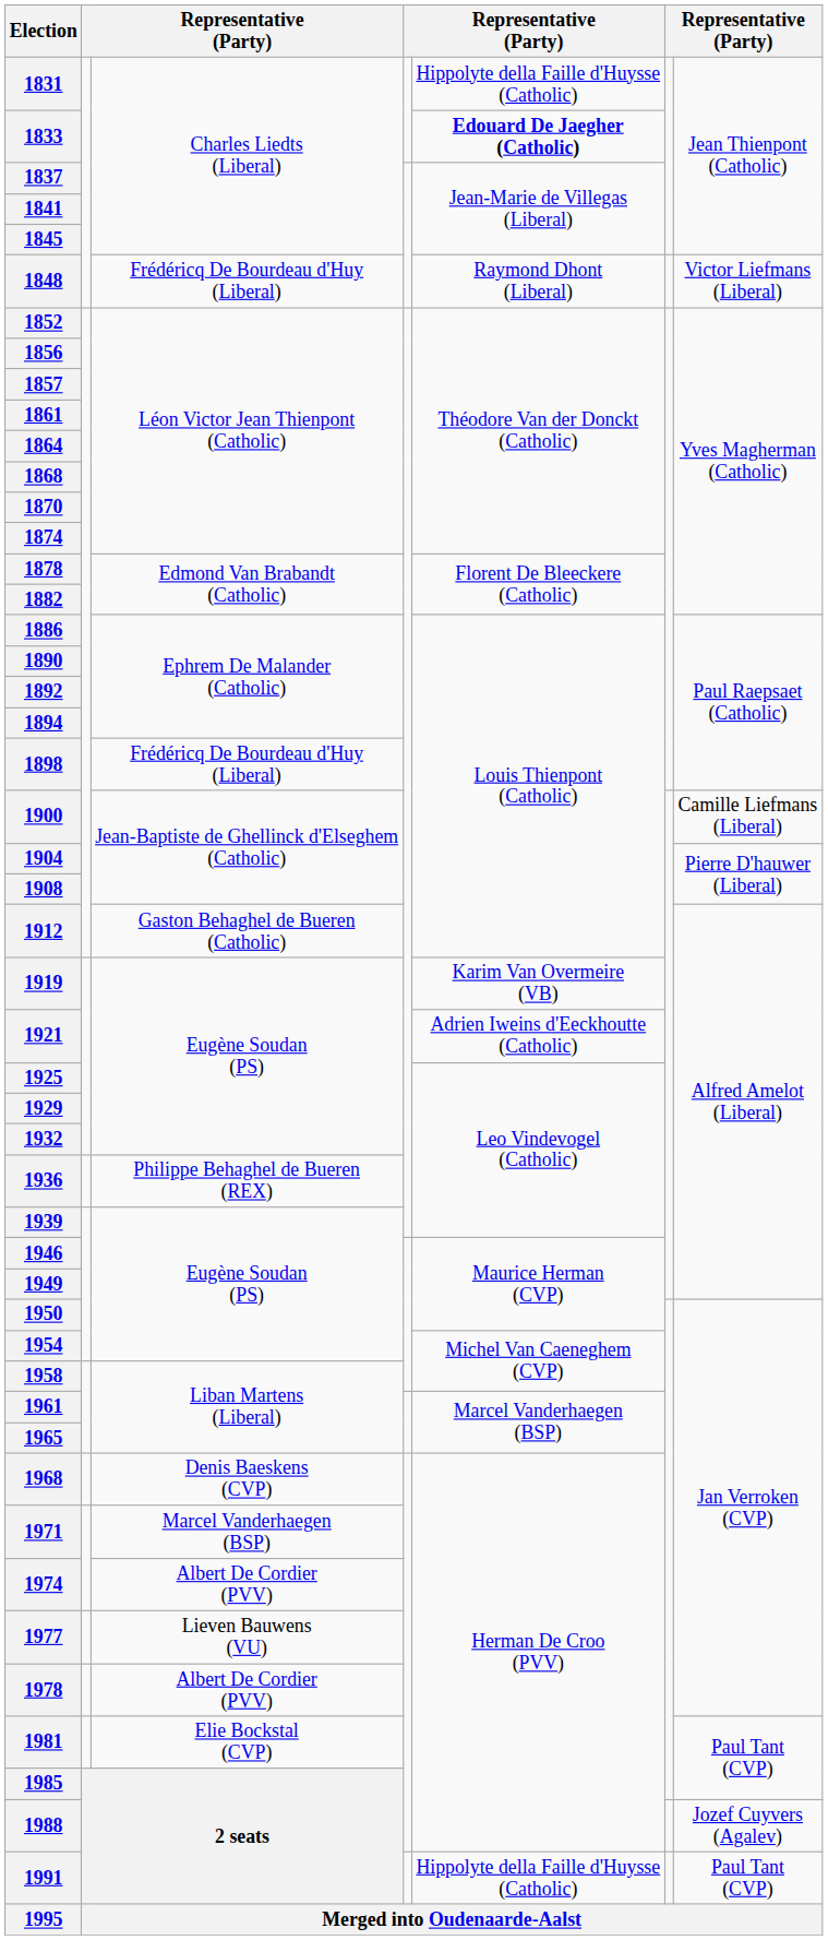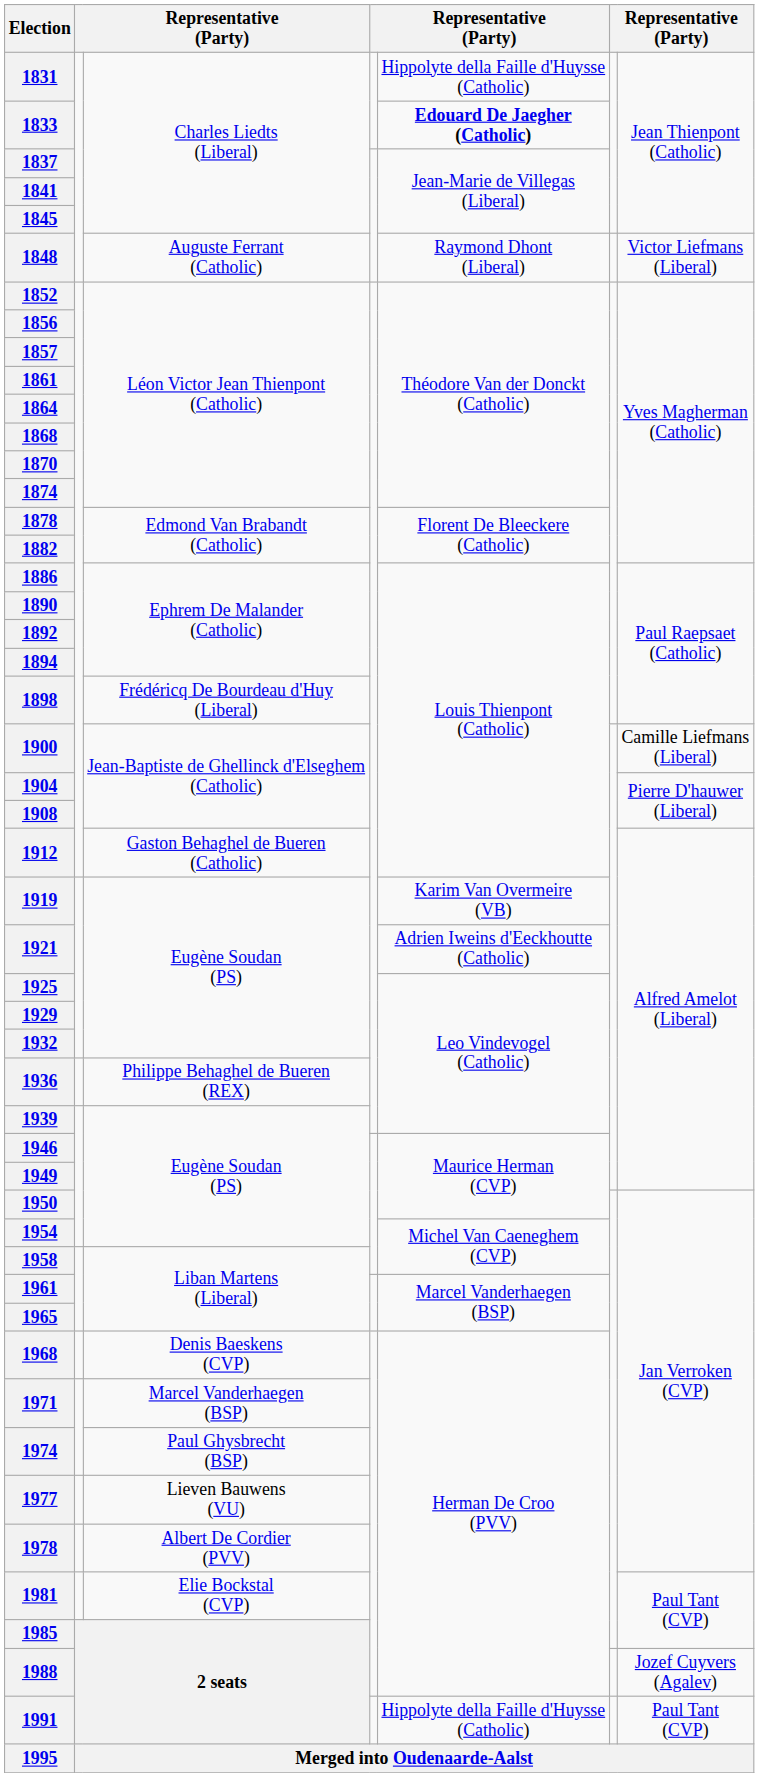 <table class="wikitable" style="text-align:center">
 <tr>
 <th>Election</th>
 <th colspan=2>Representative<br>(Party)</th>
 <th colspan=2>Representative<br>(Party)</th>
 <th colspan=2>Representative<br>(Party)</th>
 </tr>
 <tr>
 <th><a href='#'>1831</a></th>
 <td rowspan=6; style="background-color: "></td>
 <td rowspan=5><a href='#'>Charles Liedts</a><br>(<a href='#'>Liberal</a>)</td>
 <td rowspan=2; style="background-color: "></td>
 <td rowspan=1><a href='#'>Hippolyte della Faille d'Huysse</a><br>(<a href='#'>Catholic</a>)</td>
 <td rowspan=5; style="background-color: "></td>
 <td rowspan=5><a href='#'>Jean Thienpont</a><br>(<a href='#'>Catholic</a>)</td>
 </tr>
 <tr>
 <th><a href='#'>1833</a></th>
 <td rowspan=1><strong><a href='#'>Edouard De Jaegher</a><br>(<a href='#'>Catholic</a>)</strong></td>
 </tr>
 <tr>
 <th><a href='#'>1837</a></th>
 <td rowspan=4; style="background-color: "></td>
 <td rowspan=3><a href='#'>Jean-Marie de Villegas</a><br>(<a href='#'>Liberal</a>)</td>
 </tr>
 <tr>
 <th><a href='#'>1841</a></th>
 </tr>
 <tr>
 <th><a href='#'>1845</a></th>
 </tr>
 <tr>
 <th><a href='#'>1848</a></th>
-<td rowspan=1><a href='#'>Frédéricq De Bourdeau d'Huy</a><br>(<a href='#'>Liberal</a>)</td>
+<td rowspan=1><a href='#'>Auguste Ferrant</a><br>(<a href='#'>Catholic</a>)</td>
 <td rowspan=1><a href='#'>Raymond Dhont</a><br>(<a href='#'>Liberal</a>)</td>
 <td rowspan=1; style="background-color: "></td>
 <td rowspan=1><a href='#'>Victor Liefmans</a><br>(<a href='#'>Liberal</a>)</td>
 </tr>
 <tr>
 <th><a href='#'>1852</a></th>
 <td rowspan=19; style="background-color: "></td>
 <td rowspan=8><a href='#'>Léon Victor Jean Thienpont</a><br>(<a href='#'>Catholic</a>)</td>
 <td rowspan=26; style="background-color: "></td>
 <td rowspan=8><a href='#'>Théodore Van der Donckt</a><br>(<a href='#'>Catholic</a>)</td>
 <td rowspan=15; style="background-color: "></td>
 <td rowspan=10><a href='#'>Yves Magherman</a><br>(<a href='#'>Catholic</a>)</td>
 </tr>
 <tr>
 <th><a href='#'>1856</a></th>
 </tr>
 <tr>
 <th><a href='#'>1857</a></th>
 </tr>
 <tr>
 <th><a href='#'>1861</a></th>
 </tr>
 <tr>
 <th><a href='#'>1864</a></th>
 </tr>
 <tr>
 <th><a href='#'>1868</a></th>
 </tr>
 <tr>
 <th><a href='#'>1870</a></th>
 </tr>
 <tr>
 <th><a href='#'>1874</a></th>
 </tr>
 <tr>
 <th><a href='#'>1878</a></th>
 <td rowspan=2><a href='#'>Edmond Van Brabandt</a><br>(<a href='#'>Catholic</a>)</td>
 <td rowspan=2><a href='#'>Florent De Bleeckere</a><br>(<a href='#'>Catholic</a>)</td>
 </tr>
 <tr>
 <th><a href='#'>1882</a></th>
 </tr>
 <tr>
 <th><a href='#'>1886</a></th>
 <td rowspan=4><a href='#'>Ephrem De Malander</a><br>(<a href='#'>Catholic</a>)</td>
 <td rowspan=9><a href='#'>Louis Thienpont</a><br>(<a href='#'>Catholic</a>)</td>
 <td rowspan=5><a href='#'>Paul Raepsaet</a><br>(<a href='#'>Catholic</a>)</td>
 </tr>
 <tr>
 <th><a href='#'>1890</a></th>
 </tr>
 <tr>
 <th><a href='#'>1892</a></th>
 </tr>
 <tr>
 <th><a href='#'>1894</a></th>
 </tr>
 <tr>
 <th><a href='#'>1898</a></th>
 <td rowspan=1><a href='#'>Frédéricq De Bourdeau d'Huy</a><br>(<a href='#'>Liberal</a>)</td>
 </tr>
 <tr>
 <th><a href='#'>1900</a></th>
 <td rowspan=3><a href='#'>Jean-Baptiste de Ghellinck d'Elseghem</a><br>(<a href='#'>Catholic</a>)</td>
 <td rowspan=13; style="background-color: "></td>
 <td>Camille Liefmans<br>(<a href='#'>Liberal</a>)</td>
 </tr>
 <tr>
 <th><a href='#'>1904</a></th>
 <td rowspan=2><a href='#'>Pierre D'hauwer</a><br>(<a href='#'>Liberal</a>)</td>
 </tr>
 <tr>
 <th><a href='#'>1908</a></th>
 </tr>
 <tr>
 <th><a href='#'>1912</a></th>
 <td rowspan=1><a href='#'>Gaston Behaghel de Bueren</a><br>(<a href='#'>Catholic</a>)</td>
 <td rowspan=10><a href='#'>Alfred Amelot</a><br>(<a href='#'>Liberal</a>)</td>
 </tr>
 <tr>
 <th><a href='#'>1919</a></th>
 <td rowspan=5; style="background-color: "></td>
 <td rowspan=5><a href='#'>Eugène Soudan</a><br>(<a href='#'>PS</a>)</td>
 <td rowspan=1><a href='#'>Karim Van Overmeire</a><br>(<a href='#'>VB</a>)</td>
 </tr>
 <tr>
 <th><a href='#'>1921</a></th>
 <td rowspan=1><a href='#'>Adrien Iweins d'Eeckhoutte</a><br>(<a href='#'>Catholic</a>)</td>
 </tr>
 <tr>
 <th><a href='#'>1925</a></th>
 <td rowspan=5><a href='#'>Leo Vindevogel</a><br>(<a href='#'>Catholic</a>)</td>
 </tr>
 <tr>
 <th><a href='#'>1929</a></th>
 </tr>
 <tr>
 <th><a href='#'>1932</a></th>
 </tr>
 <tr>
 <th><a href='#'>1936</a></th>
 <td rowspan=1; style="background-color: "></td>
 <td rowspan=1><a href='#'>Philippe Behaghel de Bueren</a><br>(<a href='#'>REX</a>)</td>
 </tr>
 <tr>
 <th><a href='#'>1939</a></th>
 <td rowspan=5; style="background-color: "></td>
 <td rowspan=5><a href='#'>Eugène Soudan</a><br>(<a href='#'>PS</a>)</td>
 </tr>
 <tr>
 <th><a href='#'>1946</a></th>
 <td rowspan=5; style="background-color: "></td>
 <td rowspan=3><a href='#'>Maurice Herman</a><br>(<a href='#'>CVP</a>)</td>
 </tr>
 <tr>
 <th><a href='#'>1949</a></th>
 </tr>
 <tr>
 <th><a href='#'>1950</a></th>
 <td rowspan=12; style="background-color: "></td>
 <td rowspan=10><a href='#'>Jan Verroken</a><br>(<a href='#'>CVP</a>)</td>
 </tr>
 <tr>
 <th><a href='#'>1954</a></th>
 <td rowspan=2><a href='#'>Michel Van Caeneghem</a><br>(<a href='#'>CVP</a>)</td>
 </tr>
 <tr>
 <th><a href='#'>1958</a></th>
 <td rowspan=3; style="background-color: "></td>
 <td rowspan=3><a href='#'>Liban Martens</a><br>(<a href='#'>Liberal</a>)</td>
 </tr>
 <tr>
 <th><a href='#'>1961</a></th>
 <td rowspan=2; style="background-color: "></td>
 <td rowspan=2><a href='#'>Marcel Vanderhaegen</a><br>(<a href='#'>BSP</a>)</td>
 </tr>
 <tr>
 <th><a href='#'>1965</a></th>
 </tr>
 <tr>
 <th><a href='#'>1968</a></th>
 <td rowspan=1; style="background-color: "></td>
 <td rowspan=1><a href='#'>Denis Baeskens</a><br>(<a href='#'>CVP</a>)</td>
 <td rowspan=8; style="background-color: "></td>
 <td rowspan=8><a href='#'>Herman De Croo</a><br>(<a href='#'>PVV</a>)</td>
 </tr>
 <tr>
 <th><a href='#'>1971</a></th>
 <td rowspan=2; style="background-color: "></td>
 <td rowspan=1><a href='#'>Marcel Vanderhaegen</a><br>(<a href='#'>BSP</a>)</td>
 </tr>
 <tr>
 <th><a href='#'>1974</a></th>
-<td rowspan=1><a href='#'>Albert De Cordier</a><br>(<a href='#'>PVV</a>)</td>
+<td rowspan=1><a href='#'>Paul Ghysbrecht</a><br>(<a href='#'>BSP</a>)</td>
 </tr>
 <tr>
 <th><a href='#'>1977</a></th>
 <td rowspan=1; style="background-color: "></td>
 <td rowspan=1>Lieven Bauwens<br>(<a href='#'>VU</a>)</td>
 </tr>
 <tr>
 <th><a href='#'>1978</a></th>
 <td rowspan=1; style="background-color: "></td>
 <td rowspan=1><a href='#'>Albert De Cordier</a><br>(<a href='#'>PVV</a>)</td>
 </tr>
 <tr>
 <th><a href='#'>1981</a></th>
 <td rowspan=1; style="background-color: "></td>
 <td rowspan=1><a href='#'>Elie Bockstal</a><br>(<a href='#'>CVP</a>)</td>
 <td rowspan=2><a href='#'>Paul Tant</a><br>(<a href='#'>CVP</a>)</td>
 </tr>
 <tr>
 <th><a href='#'>1985</a></th>
 <th rowspan=3; colspan=2>2 seats</th>
 </tr>
 <tr>
 <th><a href='#'>1988</a></th>
 <td rowspan=1; style="background-color: "></td>
 <td rowspan=1><a href='#'>Jozef Cuyvers</a><br>(<a href='#'>Agalev</a>)</td>
 </tr>
 <tr>
 <th><a href='#'>1991</a></th>
 <td rowspan=1; style="background-color: "></td>
 <td rowspan=1><a href='#'>Hippolyte della Faille d'Huysse</a><br>(<a href='#'>Catholic</a>)</td>
 <td rowspan=1; style="background-color: "></td>
 <td rowspan=1><a href='#'>Paul Tant</a><br>(<a href='#'>CVP</a>)</td>
 </tr>
 <tr>
 <th><a href='#'>1995</a></th>
 <th colspan=6>Merged into <a href='#'>Oudenaarde-Aalst</a></th>
 </tr>
 </table>
